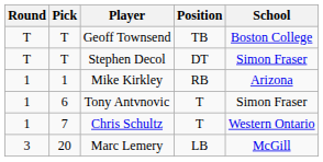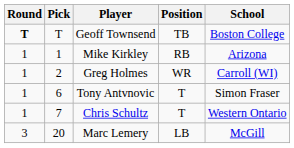 <table class="wikitable" style="font-size: 95%;">
 <tr>
 <th scope="col">Round</th>
 <th scope="col">Pick</th>
 <th scope="col">Player</th>
 <th scope="col">Position</th>
 <th scope="col">School</th>
 </tr>
 <tr align="center">
-<td align=center>T</td>
+<td align=center><strong>T</strong></td>
 <td>T</td>
 <td>Geoff Townsend</td>
 <td>TB</td>
 <td><a href='#'>Boston College</a></td>
-</tr>
-<tr align="center">
-<td align=center>T</td>
-<td>T</td>
-<td>Stephen Decol</td>
-<td>DT</td>
-<td><a href='#'>Simon Fraser</a></td>
 </tr>
 <tr align="center">
 <td align=center>1</td>
 <td>1</td>
 <td>Mike Kirkley</td>
 <td>RB</td>
 <td><a href='#'>Arizona</a></td>
+</tr>
+<tr align="center">
+<td align=center>1</td>
+<td>2</td>
+<td>Greg Holmes</td>
+<td>WR</td>
+<td><a href='#'>Carroll (WI)</a></td>
 </tr>
 <tr align="center">
 <td align=center>1</td>
 <td>6</td>
 <td>Tony Antvnovic</td>
 <td>T</td>
 <td>Simon Fraser</td>
 </tr>
 <tr align="center">
 <td align=center>1</td>
 <td>7</td>
 <td><a href='#'>Chris Schultz</a></td>
 <td>T</td>
 <td><a href='#'>Western Ontario</a></td>
 </tr>
 <tr align="center">
 <td align=center>3</td>
 <td>20</td>
 <td>Marc Lemery</td>
 <td>LB</td>
 <td><a href='#'>McGill</a></td>
 </tr>
 </table>
